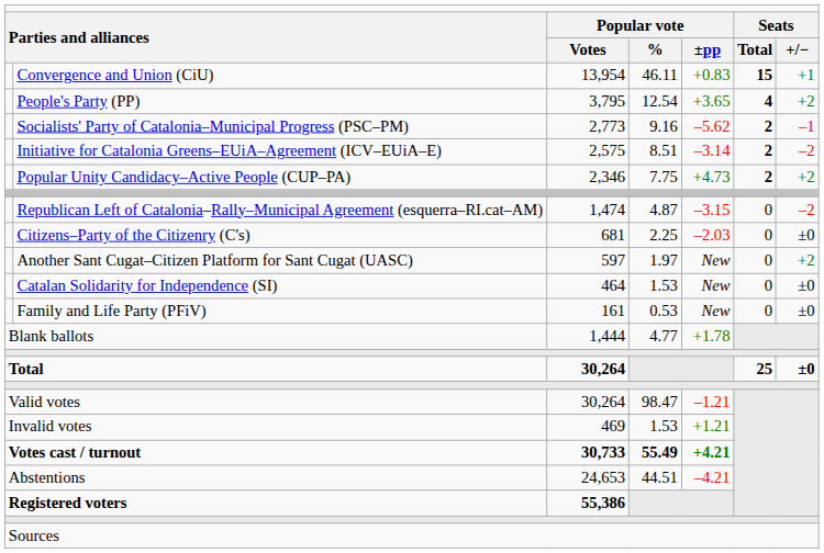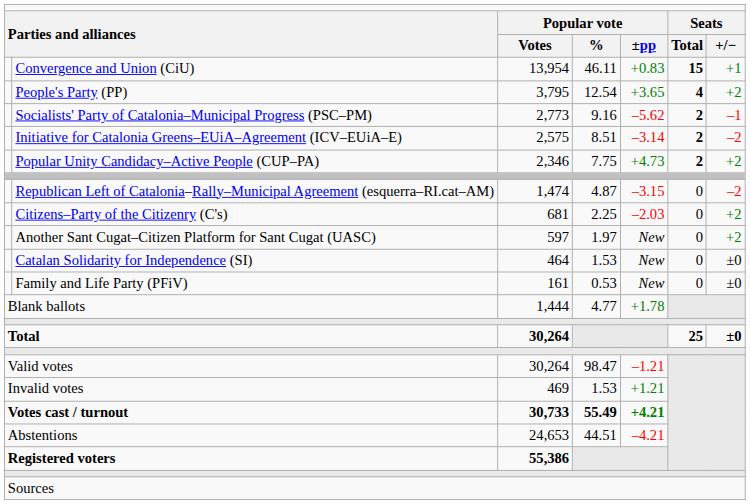 <table class="wikitable" style="text-align:right;">
 <tr>
 <td colspan="7"></td>
 </tr>
 <tr>
 <th style="text-align:left;" rowspan="2" colspan="2" width="525">Parties and alliances</th>
 <th colspan="3">Popular vote</th>
 <th colspan="2">Seats</th>
 </tr>
 <tr>
 <th width="75">Votes</th>
 <th width="45">%</th>
 <th width="45">±<a href='#'>pp</a></th>
 <th width="35">Total</th>
 <th width="35">+/−</th>
 </tr>
 <tr>
 <td width="1" style="color:inherit;background:"></td>
 <td align="left"><a href='#'>Convergence and Union</a> (CiU)</td>
 <td>13,954</td>
 <td>46.11</td>
 <td style="color:green;">+0.83</td>
 <td><strong>15</strong></td>
 <td style="color:green;">+1</td>
 </tr>
 <tr>
 <td style="color:inherit;background:"></td>
 <td align="left"><a href='#'>People's Party</a> (PP)</td>
 <td>3,795</td>
 <td>12.54</td>
 <td style="color:green;">+3.65</td>
 <td><strong>4</strong></td>
 <td style="color:green;">+2</td>
 </tr>
 <tr>
 <td style="color:inherit;background:"></td>
 <td align="left"><a href='#'>Socialists' Party of Catalonia–Municipal Progress</a> (PSC–PM)</td>
 <td>2,773</td>
 <td>9.16</td>
 <td style="color:red;">–5.62</td>
 <td><strong>2</strong></td>
 <td style="color:red;">–1</td>
 </tr>
 <tr>
 <td style="color:inherit;background:"></td>
 <td align="left"><a href='#'>Initiative for Catalonia Greens–EUiA–Agreement</a> (ICV–EUiA–E)</td>
 <td>2,575</td>
 <td>8.51</td>
 <td style="color:red;">–3.14</td>
 <td><strong>2</strong></td>
 <td style="color:red;">–2</td>
 </tr>
 <tr>
 <td style="color:inherit;background:"></td>
 <td align="left"><a href='#'>Popular Unity Candidacy–Active People</a> (CUP–PA)</td>
 <td>2,346</td>
 <td>7.75</td>
 <td style="color:green;">+4.73</td>
 <td><strong>2</strong></td>
 <td style="color:green;">+2</td>
 </tr>
 <tr>
 <td colspan="7" style="color:inherit;background:#C0C0C0"></td>
 </tr>
 <tr>
 <td style="color:inherit;background:"></td>
 <td align="left"><a href='#'>Republican Left of Catalonia</a>–<a href='#'>Rally–Municipal Agreement</a> (esquerra–RI.cat–AM)</td>
 <td>1,474</td>
 <td>4.87</td>
 <td style="color:red;">–3.15</td>
 <td>0</td>
 <td style="color:red;">–2</td>
 </tr>
 <tr>
 <td style="color:inherit;background:"></td>
 <td align="left"><a href='#'>Citizens–Party of the Citizenry</a> (C's)</td>
 <td>681</td>
 <td>2.25</td>
 <td style="color:red;">–2.03</td>
 <td>0</td>
-<td>±0</td>
+<td style="color:green;">+2</td>
 </tr>
 <tr>
 <td style="color:inherit;background:"></td>
 <td align="left">Another Sant Cugat–Citizen Platform for Sant Cugat (UASC)</td>
 <td>597</td>
 <td>1.97</td>
 <td><em>New</em></td>
 <td>0</td>
 <td style="color:green;">+2</td>
 </tr>
 <tr>
 <td style="color:inherit;background:"></td>
 <td align="left"><a href='#'>Catalan Solidarity for Independence</a> (SI)</td>
 <td>464</td>
 <td>1.53</td>
 <td><em>New</em></td>
 <td>0</td>
 <td>±0</td>
 </tr>
 <tr>
 <td style="color:inherit;background:"></td>
 <td align="left">Family and Life Party (PFiV)</td>
 <td>161</td>
 <td>0.53</td>
 <td><em>New</em></td>
 <td>0</td>
 <td>±0</td>
 </tr>
 <tr>
 <td align="left" colspan="2">Blank ballots</td>
 <td>1,444</td>
 <td>4.77</td>
 <td style="color:green;">+1.78</td>
 <td style="color:inherit;background:#E9E9E9" colspan="2"></td>
 </tr>
 <tr>
 <td colspan="7" style="color:inherit;background:#E9E9E9"></td>
 </tr>
 <tr style="font-weight:bold;">
 <td align="left" colspan="2">Total</td>
 <td>30,264</td>
 <td bgcolor="#E9E9E9" colspan="2"></td>
 <td>25</td>
 <td>±0</td>
 </tr>
 <tr>
 <td colspan="7" style="color:inherit;background:#E9E9E9"></td>
 </tr>
 <tr>
 <td align="left" colspan="2">Valid votes</td>
 <td>30,264</td>
 <td>98.47</td>
 <td style="color:red;">–1.21</td>
 <td bgcolor="#E9E9E9" colspan="2" rowspan="5"></td>
 </tr>
 <tr>
 <td align="left" colspan="2">Invalid votes</td>
 <td>469</td>
 <td>1.53</td>
 <td style="color:green;">+1.21</td>
 </tr>
 <tr style="font-weight:bold;">
 <td align="left" colspan="2">Votes cast / turnout</td>
 <td>30,733</td>
 <td>55.49</td>
 <td style="color:green;">+4.21</td>
 </tr>
 <tr>
 <td align="left" colspan="2">Abstentions</td>
 <td>24,653</td>
 <td>44.51</td>
 <td style="color:red;">–4.21</td>
 </tr>
 <tr style="font-weight:bold;">
 <td align="left" colspan="2">Registered voters</td>
 <td>55,386</td>
 <td bgcolor="#E9E9E9" colspan="2"></td>
 </tr>
 <tr>
 <td colspan="7" style="color:inherit;background:#E9E9E9"></td>
 </tr>
 <tr>
 <td align="left" colspan="7">Sources</td>
 </tr>
 </table>
